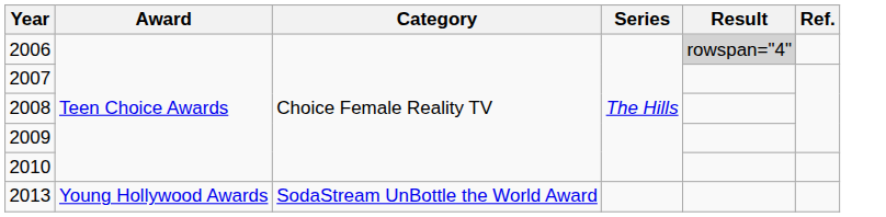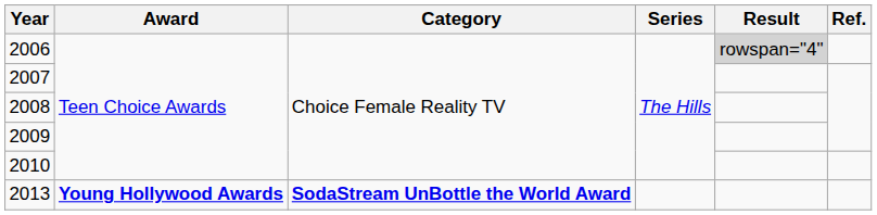 <table class="wikitable sortable">
 <tr>
 <th>Year</th>
 <th>Award</th>
 <th>Category</th>
 <th>Series</th>
 <th>Result</th>
 <th>Ref.</th>
 </tr>
 <tr>
 <td style="text-align:center;">2006</td>
 <td rowspan="5"><a href='#'>Teen Choice Awards</a></td>
 <td rowspan="5">Choice Female Reality TV</td>
 <td rowspan="5"><em><a href='#'>The Hills</a></em></td>
 <td style="background: lightgrey;">rowspan="4" </td>
 <td></td>
 </tr>
 <tr>
 <td style="text-align:center;">2007</td>
 <td></td>
 </tr>
 <tr>
 <td style="text-align:center;">2008</td>
 <td></td>
 </tr>
 <tr>
 <td style="text-align:center;">2009</td>
 <td></td>
 </tr>
 <tr>
 <td style="text-align:center;">2010</td>
 <td></td>
 <td></td>
 </tr>
 <tr>
 <td style="text-align:center;">2013</td>
-<td><a href='#'>Young Hollywood Awards</a></td>
-<td><a href='#'>SodaStream UnBottle the World Award</a></td>
+<td><strong><a href='#'>Young Hollywood Awards</a></strong></td>
+<td><strong><a href='#'>SodaStream UnBottle the World Award</a></strong></td>
 <td></td>
 <td></td>
 <td></td>
 </tr>
 </table>
